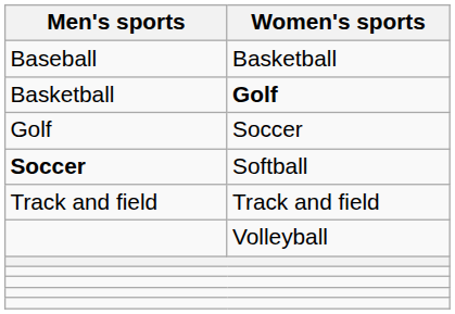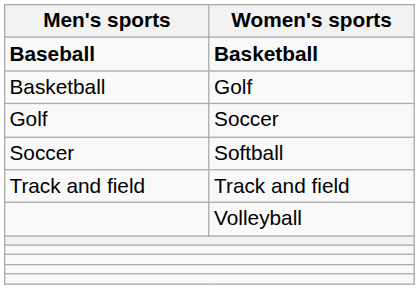 <table class="wikitable"; style= "text-align: ">
 <tr>
 <th width=150px>Men's sports</th>
 <th width=150px>Women's sports</th>
 </tr>
 <tr>
-<td>Baseball</td>
-<td>Basketball</td>
+<td><strong>Baseball</strong></td>
+<td><strong>Basketball</strong></td>
 </tr>
 <tr>
 <td>Basketball</td>
-<td><strong>Golf</strong></td>
+<td>Golf</td>
 </tr>
 <tr>
 <td>Golf</td>
 <td>Soccer</td>
 </tr>
 <tr>
-<td><strong>Soccer</strong></td>
+<td>Soccer</td>
 <td>Softball</td>
 </tr>
 <tr>
 <td>Track and field</td>
 <td>Track and field</td>
 </tr>
 <tr>
 <td></td>
 <td>Volleyball</td>
 </tr>
 <tr>
 <th colspan=2></th>
 </tr>
 <tr>
 <td colspan=2></td>
 </tr>
 <tr>
 <td colspan=2></td>
 </tr>
 <tr>
 <td colspan=2></td>
 </tr>
 <tr>
 <td colspan=2></td>
 </tr>
 </table>
